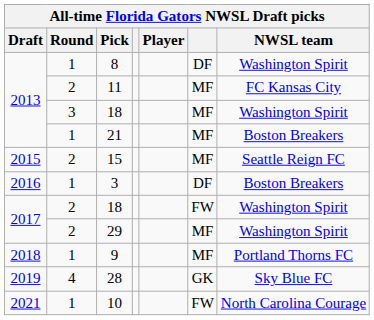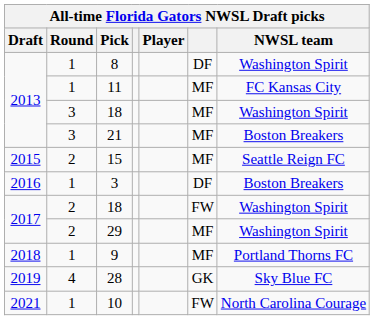 <table class="wikitable sortable" style="text-align: center;">
 <tr>
 <th colspan="7" style="background:#">All-time <a href='#'><span>Florida Gators</span></a> NWSL Draft picks</th>
 </tr>
 <tr>
 <th scope="col">Draft</th>
 <th scope="col">Round</th>
 <th scope="col">Pick</th>
 <th scope="col"></th>
 <th scope="col">Player</th>
 <th scope="col"></th>
 <th scope="col">NWSL team</th>
 </tr>
 <tr>
 <td rowspan="4"><a href='#'>2013</a></td>
 <td>1</td>
 <td>8</td>
 <td></td>
 <td></td>
 <td>DF</td>
 <td><a href='#'>Washington Spirit</a></td>
 </tr>
 <tr>
-<td>2</td>
+<td>1</td>
 <td>11</td>
 <td></td>
 <td></td>
 <td>MF</td>
 <td><a href='#'>FC Kansas City</a></td>
 </tr>
 <tr>
 <td>3</td>
 <td>18</td>
 <td></td>
 <td></td>
 <td>MF</td>
 <td><a href='#'>Washington Spirit</a></td>
 </tr>
 <tr>
-<td>1</td>
+<td>3</td>
 <td>21</td>
 <td></td>
 <td></td>
 <td>MF</td>
 <td><a href='#'>Boston Breakers</a></td>
 </tr>
 <tr>
 <td><a href='#'>2015</a></td>
 <td>2</td>
 <td>15</td>
 <td></td>
 <td></td>
 <td>MF</td>
 <td><a href='#'>Seattle Reign FC</a></td>
 </tr>
 <tr>
 <td><a href='#'>2016</a></td>
 <td>1</td>
 <td>3</td>
 <td></td>
 <td></td>
 <td>DF</td>
 <td><a href='#'>Boston Breakers</a></td>
 </tr>
 <tr>
 <td rowspan="2"><a href='#'>2017</a></td>
 <td>2</td>
 <td>18</td>
 <td></td>
 <td></td>
 <td>FW</td>
 <td><a href='#'>Washington Spirit</a></td>
 </tr>
 <tr>
 <td>2</td>
 <td>29</td>
 <td></td>
 <td></td>
 <td>MF</td>
 <td><a href='#'>Washington Spirit</a></td>
 </tr>
 <tr>
 <td><a href='#'>2018</a></td>
 <td>1</td>
 <td>9</td>
 <td></td>
 <td></td>
 <td>MF</td>
 <td><a href='#'>Portland Thorns FC</a></td>
 </tr>
 <tr>
 <td><a href='#'>2019</a></td>
 <td>4</td>
 <td>28</td>
 <td></td>
 <td></td>
 <td>GK</td>
 <td><a href='#'>Sky Blue FC</a></td>
 </tr>
 <tr>
 <td><a href='#'>2021</a></td>
 <td>1</td>
 <td>10</td>
 <td></td>
 <td></td>
 <td>FW</td>
 <td><a href='#'>North Carolina Courage</a></td>
 </tr>
 </table>
